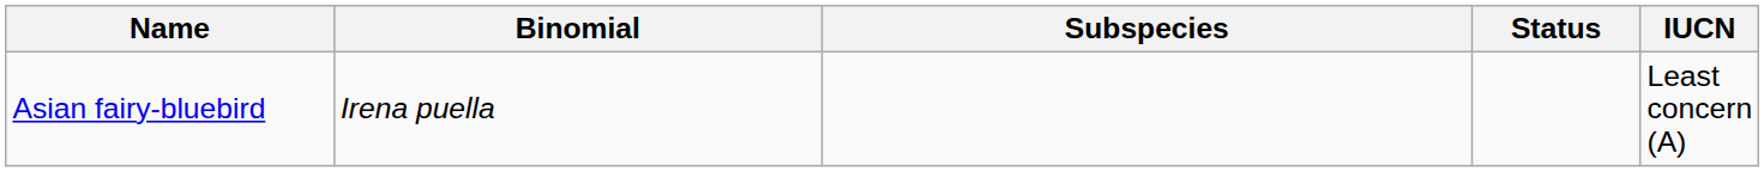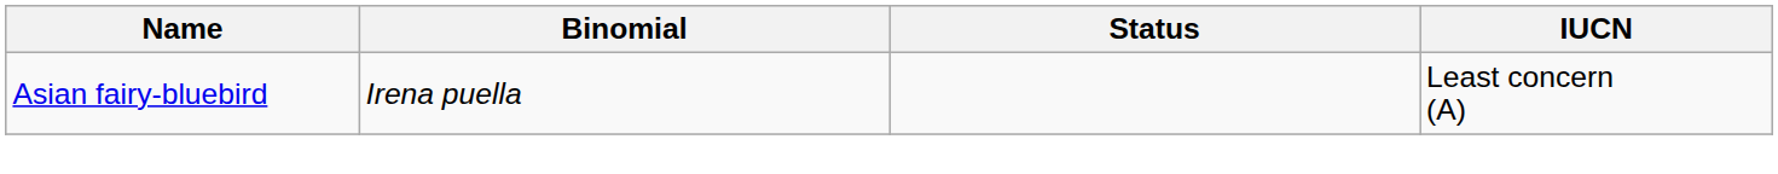 <table width=60% class="wikitable">
 <tr>
 <th width=20%>Name</th>
 <th width=30%>Binomial</th>
-<th width=40%>Subspecies</th>
 <th width=30%>Status</th>
 <th width=30%>IUCN</th>
 </tr>
 <tr>
 <td><a href='#'>Asian fairy-bluebird</a><br> </td>
 <td><em>Irena puella</em></td>
 <td></td>
-<td></td>
 <td>Least concern<br>(A)</td>
 </tr>
 </table>
